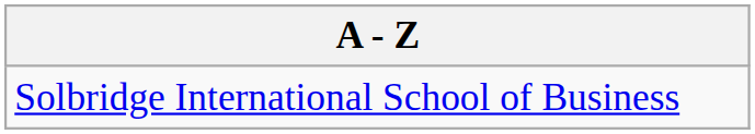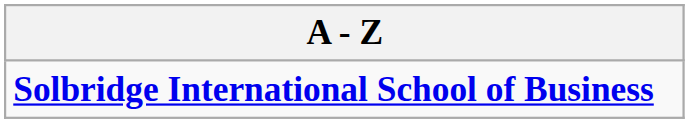 <table class="wikitable collapsible">
 <tr>
 <th scope="col" width="300" align="center">A - Z</th>
 </tr>
 <tr>
-<td><a href='#'>Solbridge International School of Business</a></td>
+<td><strong><a href='#'>Solbridge International School of Business</a></strong></td>
 </tr>
 </table>
